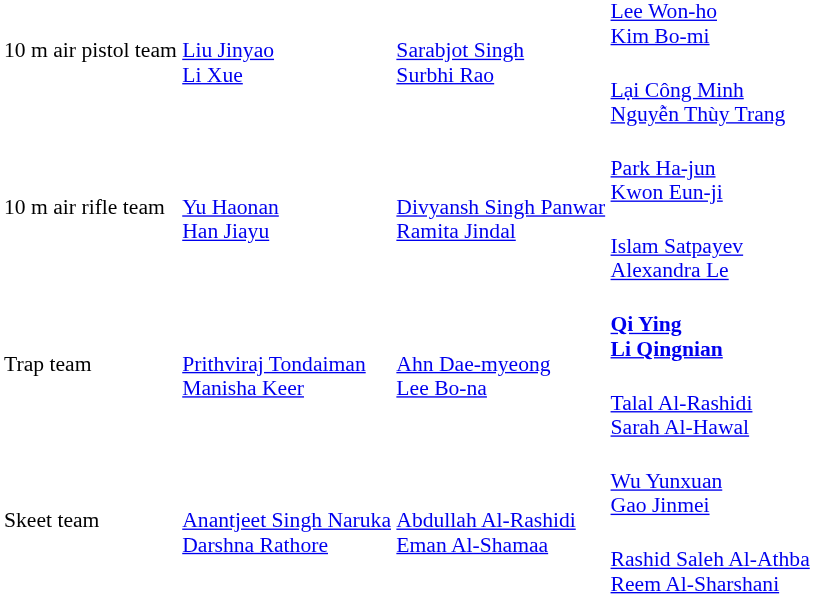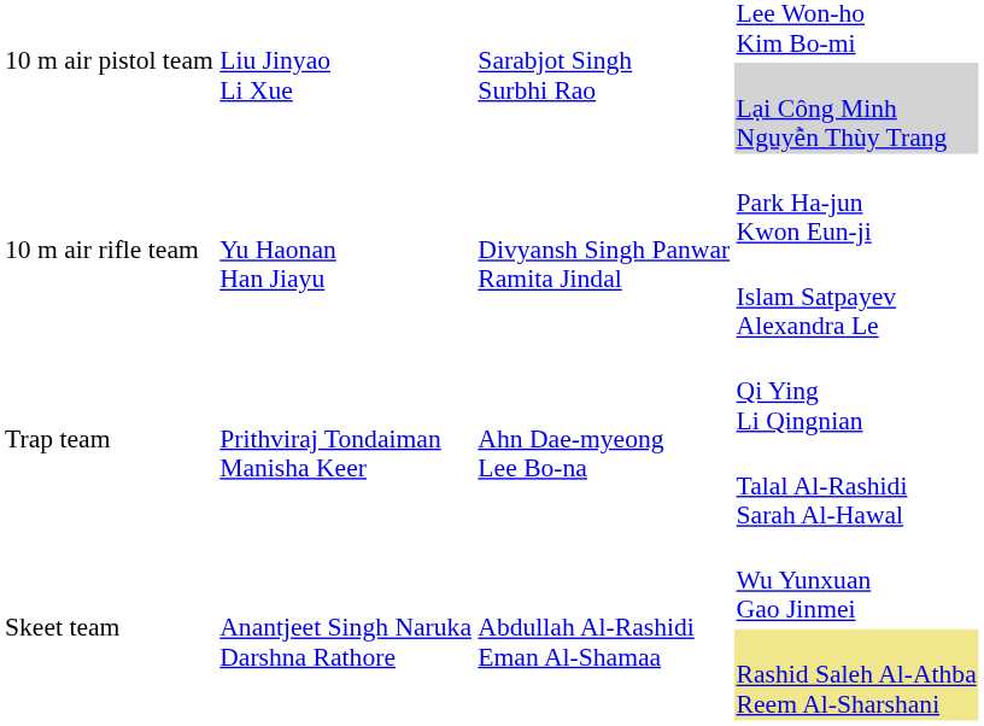 <table>
 <tr>
 <td rowspan=2>10 m air pistol team</td>
 <td rowspan=2><br><a href='#'>Liu Jinyao</a><br><a href='#'>Li Xue</a></td>
 <td rowspan=2><br><a href='#'>Sarabjot Singh</a><br><a href='#'>Surbhi Rao</a></td>
 <td><br><a href='#'>Lee Won-ho</a><br><a href='#'>Kim Bo-mi</a></td>
 </tr>
 <tr>
-<td><br><a href='#'>Lại Công Minh</a><br><a href='#'>Nguyễn Thùy Trang</a></td>
+<td style="background: lightgrey;"><br><a href='#'>Lại Công Minh</a><br><a href='#'>Nguyễn Thùy Trang</a></td>
 </tr>
 <tr>
 <td rowspan=2>10 m air rifle team</td>
 <td rowspan=2><br><a href='#'>Yu Haonan</a><br><a href='#'>Han Jiayu</a></td>
 <td rowspan=2><br><a href='#'>Divyansh Singh Panwar</a><br><a href='#'>Ramita Jindal</a></td>
 <td><br><a href='#'>Park Ha-jun</a><br><a href='#'>Kwon Eun-ji</a></td>
 </tr>
 <tr>
 <td><br><a href='#'>Islam Satpayev</a><br><a href='#'>Alexandra Le</a></td>
 </tr>
 <tr>
 <td rowspan=2>Trap team</td>
 <td rowspan=2><br><a href='#'>Prithviraj Tondaiman</a><br><a href='#'>Manisha Keer</a></td>
 <td rowspan=2><br><a href='#'>Ahn Dae-myeong</a><br><a href='#'>Lee Bo-na</a></td>
-<td><strong><br><a href='#'>Qi Ying</a><br><a href='#'>Li Qingnian</a></strong></td>
+<td><br><a href='#'>Qi Ying</a><br><a href='#'>Li Qingnian</a></td>
 </tr>
 <tr>
 <td><br><a href='#'>Talal Al-Rashidi</a><br><a href='#'>Sarah Al-Hawal</a></td>
 </tr>
 <tr>
 <td rowspan=2>Skeet team</td>
 <td rowspan=2><br><a href='#'>Anantjeet Singh Naruka</a><br><a href='#'>Darshna Rathore</a></td>
 <td rowspan=2><br><a href='#'>Abdullah Al-Rashidi</a><br><a href='#'>Eman Al-Shamaa</a></td>
 <td><br><a href='#'>Wu Yunxuan</a><br><a href='#'>Gao Jinmei</a></td>
 </tr>
 <tr>
-<td><br><a href='#'>Rashid Saleh Al-Athba</a><br><a href='#'>Reem Al-Sharshani</a></td>
+<td style="background: khaki;"><br><a href='#'>Rashid Saleh Al-Athba</a><br><a href='#'>Reem Al-Sharshani</a></td>
 </tr>
 </table>
